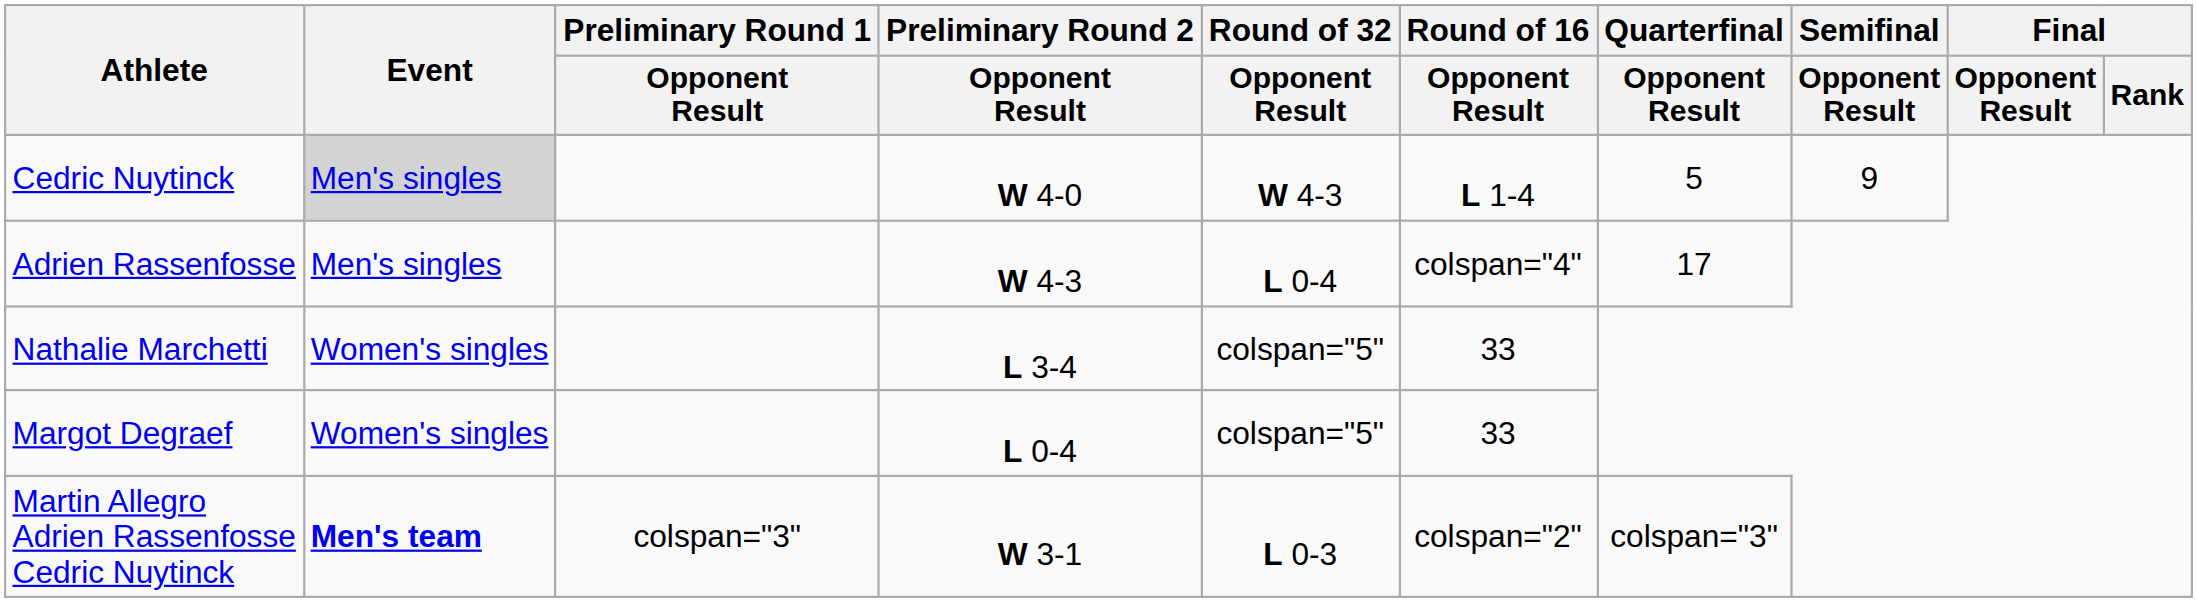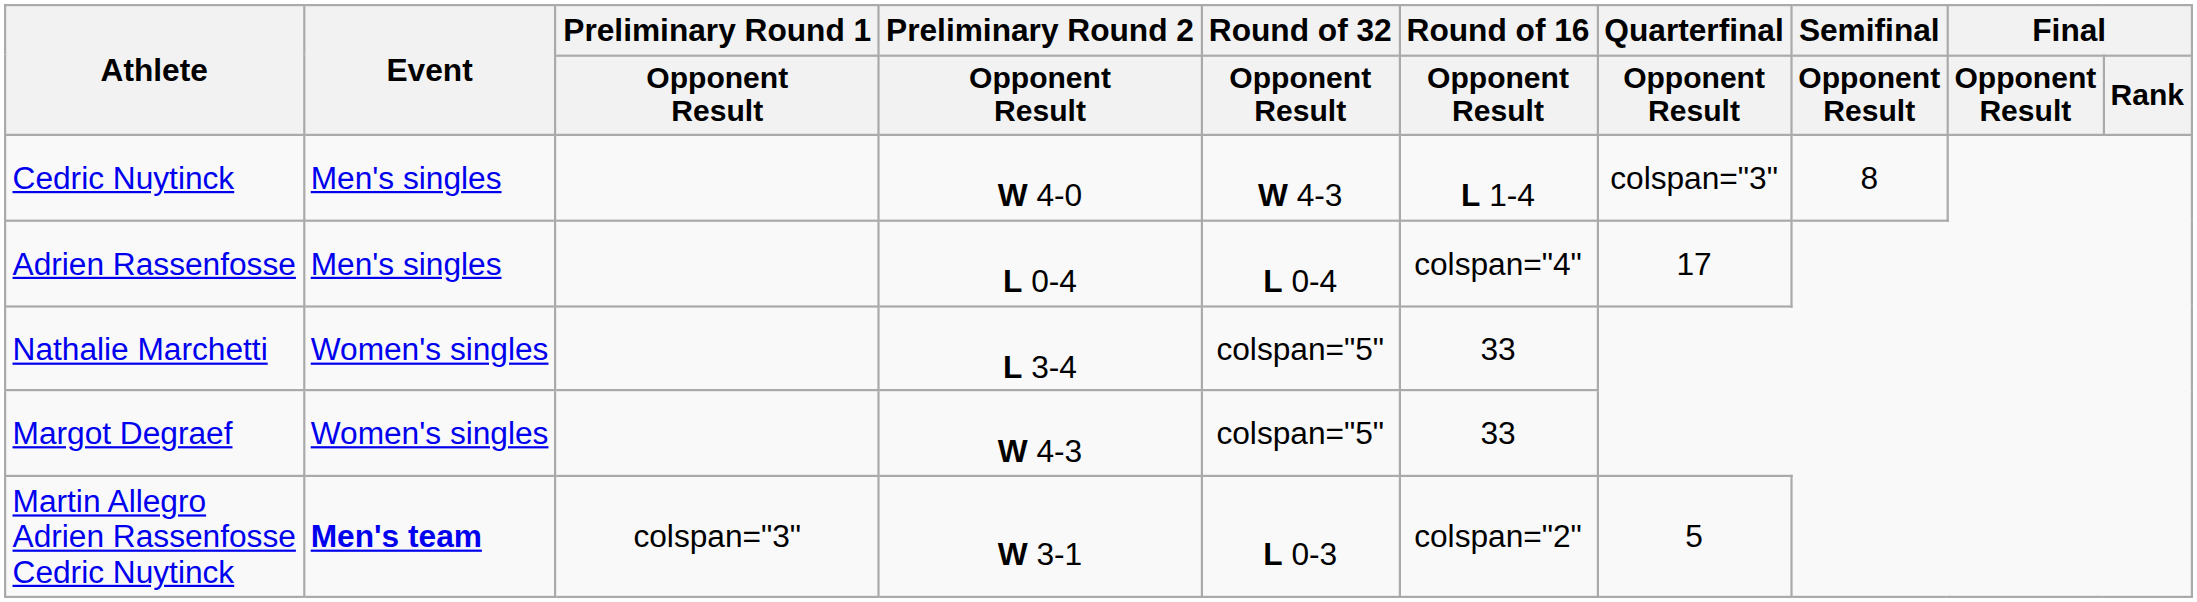 <table class="wikitable" style="font-size:90%; text-align:center">
 <tr>
 <th rowspan="2">Athlete</th>
 <th rowspan="2">Event</th>
 <th>Preliminary Round 1</th>
 <th>Preliminary Round 2</th>
 <th>Round of 32</th>
 <th>Round of 16</th>
 <th>Quarterfinal</th>
 <th>Semifinal</th>
 <th colspan="2">Final</th>
 </tr>
 <tr style="font-size:95%">
 <th>Opponent<br>Result</th>
 <th>Opponent<br>Result</th>
 <th>Opponent<br>Result</th>
 <th>Opponent<br>Result</th>
 <th>Opponent<br>Result</th>
 <th>Opponent<br>Result</th>
 <th>Opponent<br>Result</th>
 <th>Rank</th>
 </tr>
 <tr>
 <td align="left"><a href='#'>Cedric Nuytinck</a></td>
-<td align="left" style="background: lightgrey;"><a href='#'>Men's singles</a></td>
+<td align="left"><a href='#'>Men's singles</a></td>
 <td></td>
 <td><br><strong>W</strong> 4-0</td>
 <td><br><strong>W</strong> 4-3</td>
 <td><br><strong>L</strong> 1-4</td>
-<td>5</td>
-<td>9</td>
+<td>colspan="3" </td>
+<td>8</td>
 </tr>
 <tr>
 <td align="left"><a href='#'>Adrien Rassenfosse</a></td>
 <td align="left"><a href='#'>Men's singles</a></td>
 <td></td>
-<td><br><strong>W</strong> 4-3</td>
+<td><br><strong>L</strong> 0-4</td>
 <td><br><strong>L</strong> 0-4</td>
 <td>colspan="4" </td>
 <td>17</td>
 </tr>
 <tr>
 <td align="left"><a href='#'>Nathalie Marchetti</a></td>
 <td align="left"><a href='#'>Women's singles</a></td>
 <td></td>
 <td><br><strong>L</strong> 3-4</td>
 <td>colspan="5" </td>
 <td>33</td>
 </tr>
 <tr>
 <td align="left"><a href='#'>Margot Degraef</a></td>
 <td align="left"><a href='#'>Women's singles</a></td>
 <td></td>
-<td><br><strong>L</strong> 0-4</td>
+<td><br><strong>W</strong> 4-3</td>
 <td>colspan="5" </td>
 <td>33</td>
 </tr>
 <tr>
 <td align="left"><a href='#'>Martin Allegro</a><br><a href='#'>Adrien Rassenfosse</a><br><a href='#'>Cedric Nuytinck</a></td>
 <td align="left"><strong><a href='#'>Men's team</a></strong></td>
 <td>colspan="3" </td>
 <td><br><strong>W</strong> 3-1</td>
 <td><br><strong>L</strong> 0-3</td>
 <td>colspan="2" </td>
-<td>colspan="3" </td>
+<td>5</td>
 </tr>
 </table>
